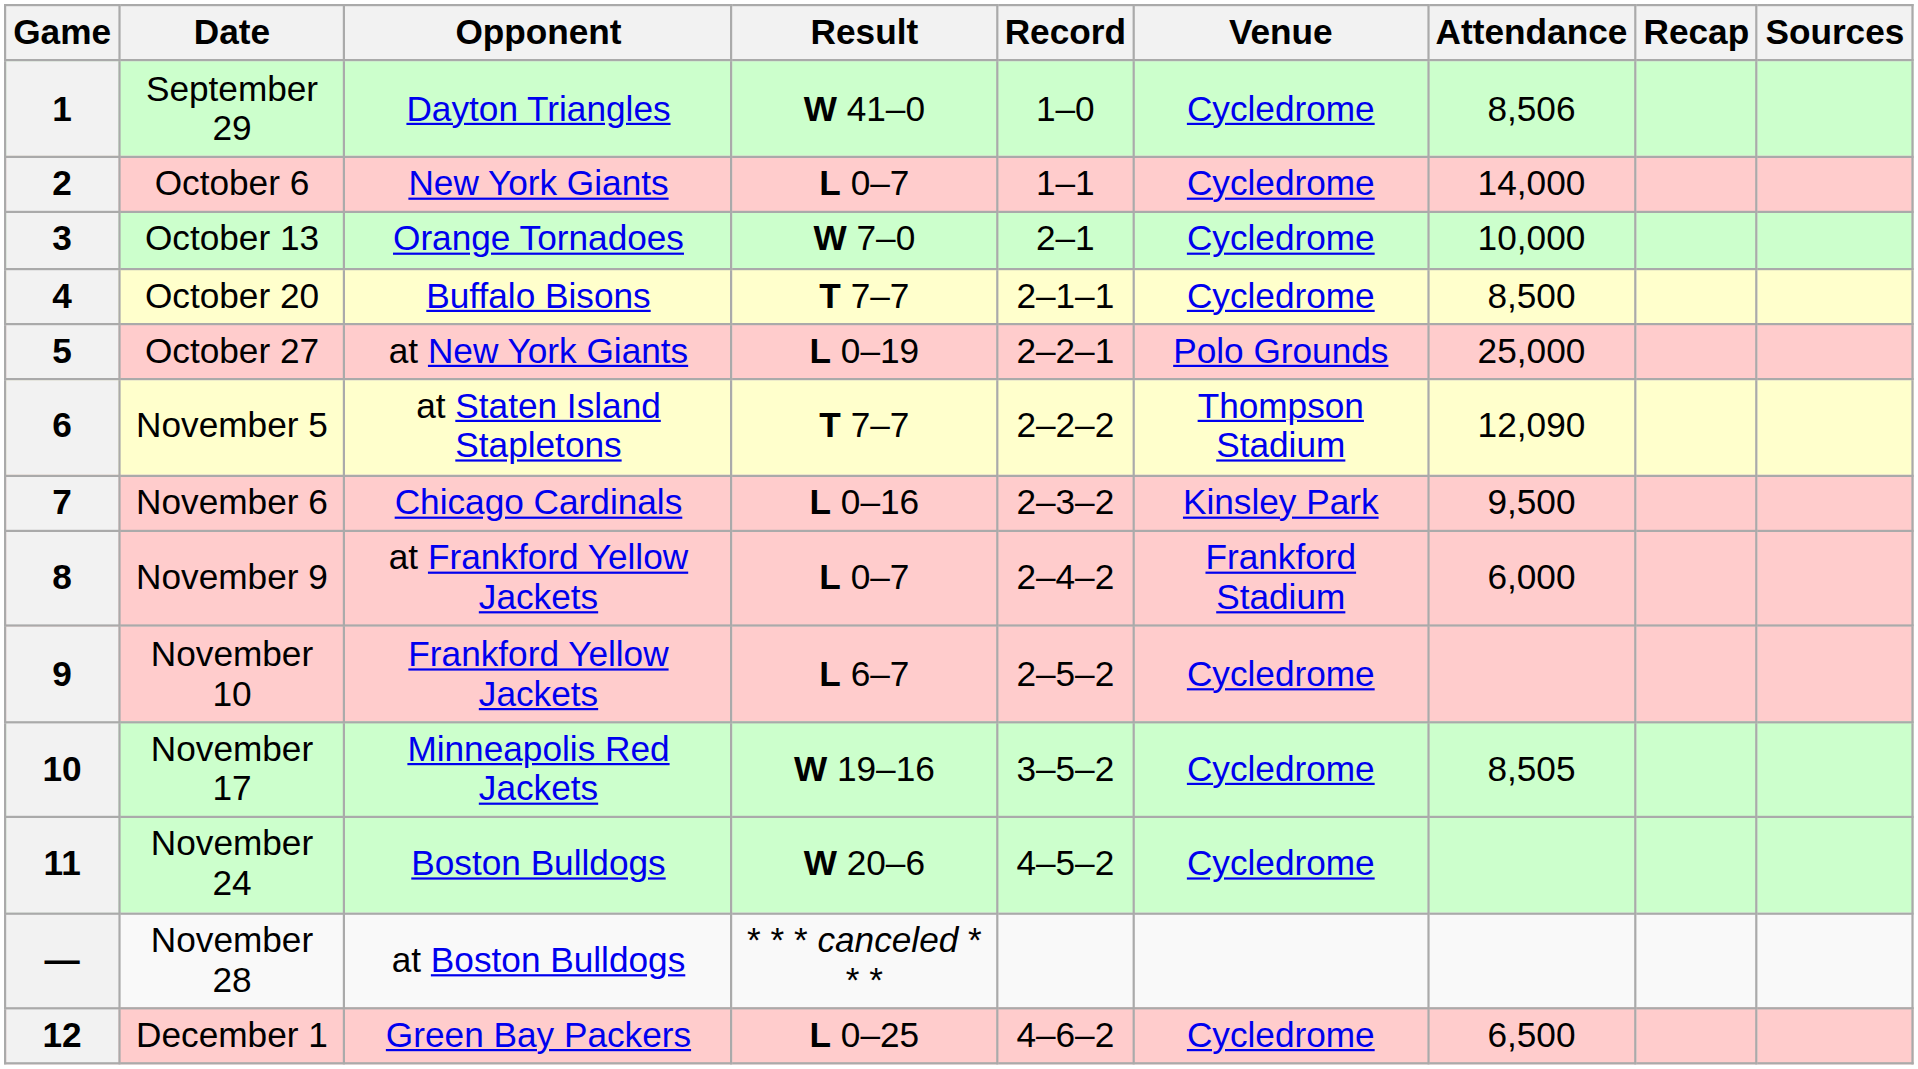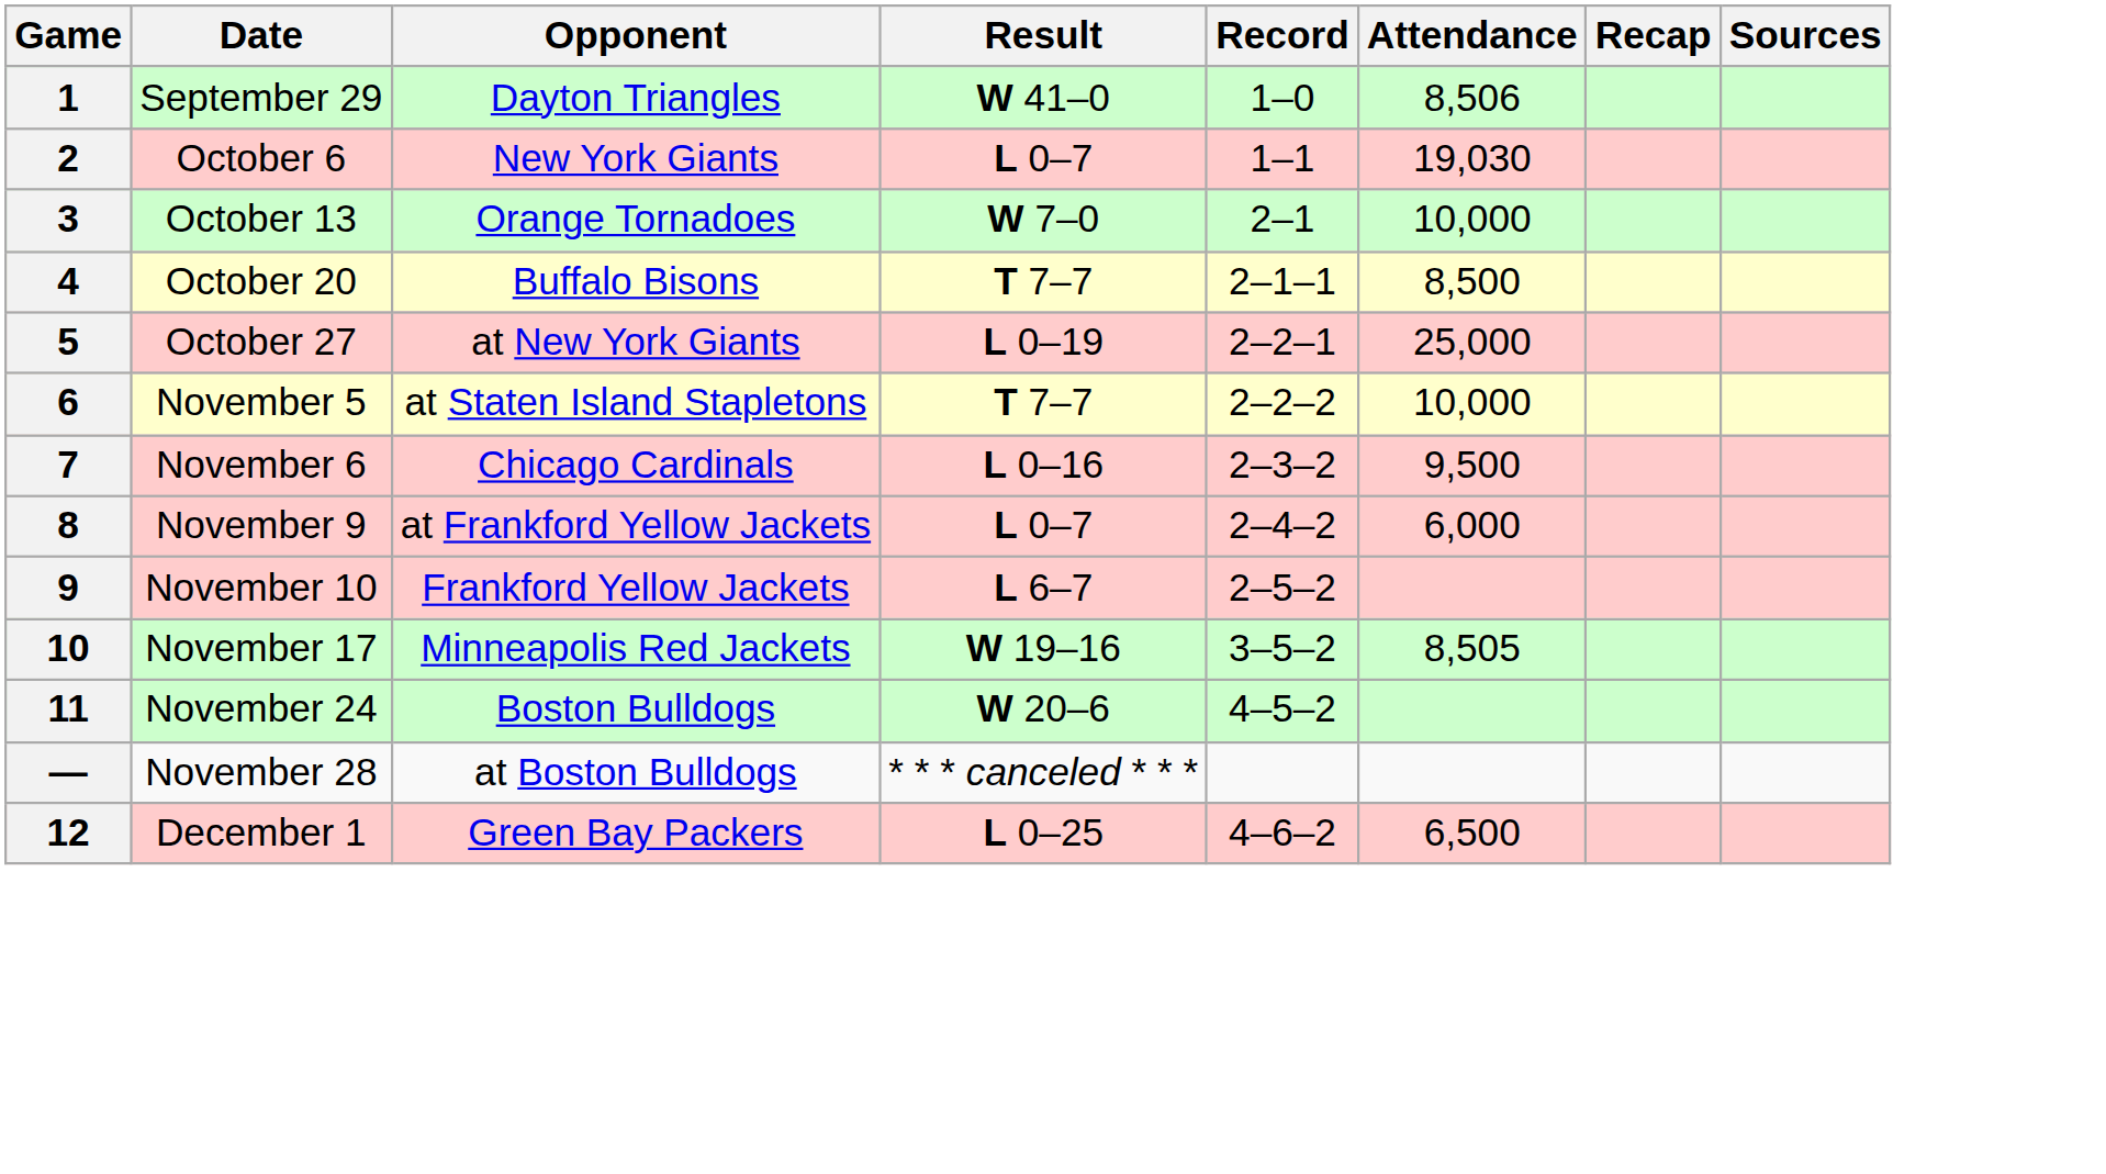 <table class="wikitable" style="text-align:center">
 <tr>
 <th>Game</th>
 <th>Date</th>
 <th>Opponent</th>
 <th>Result</th>
 <th>Record</th>
-<th>Venue</th>
 <th>Attendance</th>
 <th>Recap</th>
 <th>Sources</th>
 </tr>
 <tr style="background:#cfc">
 <th>1</th>
 <td>September 29</td>
 <td><a href='#'>Dayton Triangles</a></td>
 <td><strong>W</strong> 41–0</td>
 <td>1–0</td>
-<td><a href='#'>Cycledrome</a></td>
 <td>8,506</td>
 <td></td>
 <td></td>
 </tr>
 <tr style="background:#fcc">
 <th>2</th>
 <td>October 6</td>
 <td><a href='#'>New York Giants</a></td>
 <td><strong>L</strong> 0–7</td>
 <td>1–1</td>
-<td><a href='#'>Cycledrome</a></td>
-<td>14,000</td>
+<td>19,030</td>
 <td></td>
 <td></td>
 </tr>
 <tr style="background:#cfc">
 <th>3</th>
 <td>October 13</td>
 <td><a href='#'>Orange Tornadoes</a></td>
 <td><strong>W</strong> 7–0</td>
 <td>2–1</td>
-<td><a href='#'>Cycledrome</a></td>
 <td>10,000</td>
 <td></td>
 <td></td>
 </tr>
 <tr style="background:#ffc">
 <th>4</th>
 <td>October 20</td>
 <td><a href='#'>Buffalo Bisons</a></td>
 <td><strong>T</strong> 7–7</td>
 <td>2–1–1</td>
-<td><a href='#'>Cycledrome</a></td>
 <td>8,500</td>
 <td></td>
 <td></td>
 </tr>
 <tr style="background:#fcc">
 <th>5</th>
 <td>October 27</td>
 <td>at <a href='#'>New York Giants</a></td>
 <td><strong>L</strong> 0–19</td>
 <td>2–2–1</td>
-<td><a href='#'>Polo Grounds</a></td>
 <td>25,000</td>
 <td></td>
 <td></td>
 </tr>
 <tr style="background:#ffc">
 <th>6</th>
 <td>November 5</td>
 <td>at <a href='#'>Staten Island Stapletons</a></td>
 <td><strong>T</strong> 7–7</td>
 <td>2–2–2</td>
-<td><a href='#'>Thompson Stadium</a></td>
-<td>12,090</td>
+<td>10,000</td>
 <td></td>
 <td></td>
 </tr>
 <tr style="background:#fcc">
 <th>7</th>
 <td>November 6</td>
 <td><a href='#'>Chicago Cardinals</a></td>
 <td><strong>L</strong> 0–16</td>
 <td>2–3–2</td>
-<td><a href='#'>Kinsley Park</a></td>
 <td>9,500</td>
 <td></td>
 <td></td>
 </tr>
 <tr style="background:#fcc">
 <th>8</th>
 <td>November 9</td>
 <td>at <a href='#'>Frankford Yellow Jackets</a></td>
 <td><strong>L</strong> 0–7</td>
 <td>2–4–2</td>
-<td><a href='#'>Frankford Stadium</a></td>
 <td>6,000</td>
 <td></td>
 <td></td>
 </tr>
 <tr style="background:#fcc">
 <th>9</th>
 <td>November 10</td>
 <td><a href='#'>Frankford Yellow Jackets</a></td>
 <td><strong>L</strong> 6–7</td>
 <td>2–5–2</td>
-<td><a href='#'>Cycledrome</a></td>
 <td></td>
 <td></td>
 <td></td>
 </tr>
 <tr style="background:#cfc">
 <th>10</th>
 <td>November 17</td>
 <td><a href='#'>Minneapolis Red Jackets</a></td>
 <td><strong>W</strong> 19–16</td>
 <td>3–5–2</td>
-<td><a href='#'>Cycledrome</a></td>
 <td>8,505</td>
 <td></td>
 <td></td>
 </tr>
 <tr style="background:#cfc">
 <th>11</th>
 <td>November 24</td>
 <td><a href='#'>Boston Bulldogs</a></td>
 <td><strong>W</strong> 20–6</td>
 <td>4–5–2</td>
-<td><a href='#'>Cycledrome</a></td>
 <td></td>
 <td></td>
 <td></td>
 </tr>
 <tr style=>
 <th>—</th>
 <td>November 28</td>
 <td>at <a href='#'>Boston Bulldogs</a></td>
 <td>* * * <em>canceled</em> * * *</td>
 <td></td>
 <td></td>
 <td></td>
 <td></td>
-<td></td>
 </tr>
 <tr style="background:#fcc">
 <th>12</th>
 <td>December 1</td>
 <td><a href='#'>Green Bay Packers</a></td>
 <td><strong>L</strong> 0–25</td>
 <td>4–6–2</td>
-<td><a href='#'>Cycledrome</a></td>
 <td>6,500</td>
 <td></td>
 <td></td>
 </tr>
 </table>
